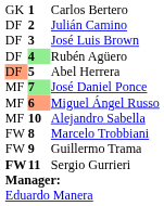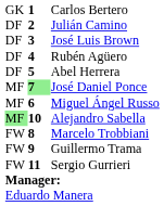 <table cellspacing="0" cellpadding="0" style="font-size:90%; margin:0.2em auto;">
 <tr>
 <th width="25"></th>
 <th width="25"></th>
 </tr>
 <tr>
 <td>GK</td>
 <td><strong>1</strong></td>
 <td> Carlos Bertero</td>
 </tr>
 <tr>
 <td>DF</td>
 <td><strong>2</strong></td>
 <td> <a href='#'>Julián Camino</a></td>
 </tr>
 <tr>
 <td>DF</td>
 <td><strong>3</strong></td>
 <td> <a href='#'>José Luis Brown</a></td>
 </tr>
 <tr>
 <td>DF</td>
-<td style="background: lightgreen;"><strong>4</strong></td>
+<td><strong>4</strong></td>
 <td> Rubén Agüero</td>
 </tr>
 <tr>
-<td style="background: lightsalmon;">DF</td>
+<td>DF</td>
 <td><strong>5</strong></td>
 <td> Abel Herrera</td>
 </tr>
 <tr>
 <td>MF</td>
 <td style="background: lightgreen;"><strong>7</strong></td>
 <td> <a href='#'>José Daniel Ponce</a></td>
 </tr>
 <tr>
 <td>MF</td>
-<td style="background: lightsalmon;"><strong>6</strong></td>
+<td><strong>6</strong></td>
 <td> <a href='#'>Miguel Ángel Russo</a></td>
 </tr>
 <tr>
-<td>MF</td>
+<td style="background: lightgreen;">MF</td>
 <td><strong>10</strong></td>
 <td> <a href='#'>Alejandro Sabella</a></td>
 </tr>
 <tr>
 <td>FW</td>
 <td><strong>8</strong></td>
 <td> <a href='#'>Marcelo Trobbiani</a></td>
 </tr>
 <tr>
 <td>FW</td>
 <td><strong>9</strong></td>
 <td> Guillermo Trama</td>
 </tr>
 <tr>
-<td><strong>FW</strong></td>
+<td>FW</td>
 <td><strong>11</strong></td>
 <td> Sergio Gurrieri</td>
 </tr>
 <tr>
 <td colspan=3><strong>Manager:</strong></td>
 </tr>
 <tr>
 <td colspan=4> <a href='#'>Eduardo Manera</a></td>
 </tr>
 </table>
